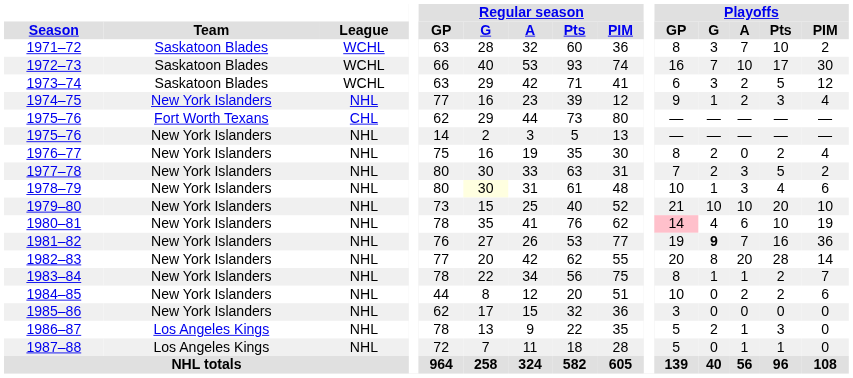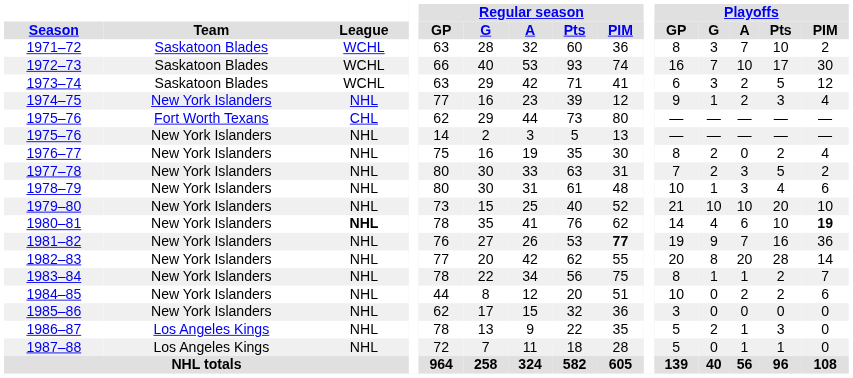 <table border="0" cellpadding="1" cellspacing="0" style="text-align:center; width:60em;">
 <tr style="background:#e0e0e0;">
 <th colspan="3"  bgcolor="#ffffff"> </th>
 <th rowspan="99" bgcolor="#ffffff"> </th>
 <th colspan="5"><a href='#'>Regular season</a></th>
 <th rowspan="99" bgcolor="#ffffff"> </th>
 <th colspan="5"><a href='#'>Playoffs</a></th>
 </tr>
 <tr style="background:#e0e0e0;">
 <th><a href='#'>Season</a></th>
 <th>Team</th>
 <th>League</th>
 <th>GP</th>
 <th><a href='#'>G</a></th>
 <th><a href='#'>A</a></th>
 <th><a href='#'>Pts</a></th>
 <th><a href='#'>PIM</a></th>
 <th>GP</th>
 <th>G</th>
 <th>A</th>
 <th>Pts</th>
 <th>PIM</th>
 </tr>
 <tr>
 <td><a href='#'>1971–72</a></td>
 <td><a href='#'>Saskatoon Blades</a></td>
 <td><a href='#'>WCHL</a></td>
 <td>63</td>
 <td>28</td>
 <td>32</td>
 <td>60</td>
 <td>36</td>
 <td>8</td>
 <td>3</td>
 <td>7</td>
 <td>10</td>
 <td>2</td>
 </tr>
 <tr style="background:#f0f0f0;">
 <td><a href='#'>1972–73</a></td>
 <td>Saskatoon Blades</td>
 <td>WCHL</td>
 <td>66</td>
 <td>40</td>
 <td>53</td>
 <td>93</td>
 <td>74</td>
 <td>16</td>
 <td>7</td>
 <td>10</td>
 <td>17</td>
 <td>30</td>
 </tr>
 <tr>
 <td><a href='#'>1973–74</a></td>
 <td>Saskatoon Blades</td>
 <td>WCHL</td>
 <td>63</td>
 <td>29</td>
 <td>42</td>
 <td>71</td>
 <td>41</td>
 <td>6</td>
 <td>3</td>
 <td>2</td>
 <td>5</td>
 <td>12</td>
 </tr>
 <tr style="background:#f0f0f0;">
 <td><a href='#'>1974–75</a></td>
 <td><a href='#'>New York Islanders</a></td>
 <td><a href='#'>NHL</a></td>
 <td>77</td>
 <td>16</td>
 <td>23</td>
 <td>39</td>
 <td>12</td>
 <td>9</td>
 <td>1</td>
 <td>2</td>
 <td>3</td>
 <td>4</td>
 </tr>
 <tr>
 <td><a href='#'>1975–76</a></td>
 <td><a href='#'>Fort Worth Texans</a></td>
 <td><a href='#'>CHL</a></td>
 <td>62</td>
 <td>29</td>
 <td>44</td>
 <td>73</td>
 <td>80</td>
 <td>—</td>
 <td>—</td>
 <td>—</td>
 <td>—</td>
 <td>—</td>
 </tr>
 <tr style="background:#f0f0f0;">
 <td><a href='#'>1975–76</a></td>
 <td>New York Islanders</td>
 <td>NHL</td>
 <td>14</td>
 <td>2</td>
 <td>3</td>
 <td>5</td>
 <td>13</td>
 <td>—</td>
 <td>—</td>
 <td>—</td>
 <td>—</td>
 <td>—</td>
 </tr>
 <tr>
 <td><a href='#'>1976–77</a></td>
 <td>New York Islanders</td>
 <td>NHL</td>
 <td>75</td>
 <td>16</td>
 <td>19</td>
 <td>35</td>
 <td>30</td>
 <td>8</td>
 <td>2</td>
 <td>0</td>
 <td>2</td>
 <td>4</td>
 </tr>
 <tr style="background:#f0f0f0;">
 <td><a href='#'>1977–78</a></td>
 <td>New York Islanders</td>
 <td>NHL</td>
 <td>80</td>
 <td>30</td>
 <td>33</td>
 <td>63</td>
 <td>31</td>
 <td>7</td>
 <td>2</td>
 <td>3</td>
 <td>5</td>
 <td>2</td>
 </tr>
 <tr>
 <td><a href='#'>1978–79</a></td>
 <td>New York Islanders</td>
 <td>NHL</td>
 <td>80</td>
-<td style="background: lightyellow;">30</td>
+<td>30</td>
 <td>31</td>
 <td>61</td>
 <td>48</td>
 <td>10</td>
 <td>1</td>
 <td>3</td>
 <td>4</td>
 <td>6</td>
 </tr>
 <tr style="background:#f0f0f0;">
 <td><a href='#'>1979–80</a></td>
 <td>New York Islanders</td>
 <td>NHL</td>
 <td>73</td>
 <td>15</td>
 <td>25</td>
 <td>40</td>
 <td>52</td>
 <td>21</td>
 <td>10</td>
 <td>10</td>
 <td>20</td>
 <td>10</td>
 </tr>
 <tr>
 <td><a href='#'>1980–81</a></td>
 <td>New York Islanders</td>
-<td>NHL</td>
+<td><strong>NHL</strong></td>
 <td>78</td>
 <td>35</td>
 <td>41</td>
 <td>76</td>
 <td>62</td>
-<td style="background: pink;">14</td>
+<td>14</td>
 <td>4</td>
 <td>6</td>
 <td>10</td>
-<td>19</td>
+<td><strong>19</strong></td>
 </tr>
 <tr style="background:#f0f0f0;">
 <td><a href='#'>1981–82</a></td>
 <td>New York Islanders</td>
 <td>NHL</td>
 <td>76</td>
 <td>27</td>
 <td>26</td>
 <td>53</td>
-<td>77</td>
+<td><strong>77</strong></td>
 <td>19</td>
-<td><strong>9</strong></td>
+<td>9</td>
 <td>7</td>
 <td>16</td>
 <td>36</td>
 </tr>
 <tr>
 <td><a href='#'>1982–83</a></td>
 <td>New York Islanders</td>
 <td>NHL</td>
 <td>77</td>
 <td>20</td>
 <td>42</td>
 <td>62</td>
 <td>55</td>
 <td>20</td>
 <td>8</td>
 <td>20</td>
 <td>28</td>
 <td>14</td>
 </tr>
 <tr style="background:#f0f0f0;">
 <td><a href='#'>1983–84</a></td>
 <td>New York Islanders</td>
 <td>NHL</td>
 <td>78</td>
 <td>22</td>
 <td>34</td>
 <td>56</td>
 <td>75</td>
 <td>8</td>
 <td>1</td>
 <td>1</td>
 <td>2</td>
 <td>7</td>
 </tr>
 <tr>
 <td><a href='#'>1984–85</a></td>
 <td>New York Islanders</td>
 <td>NHL</td>
 <td>44</td>
 <td>8</td>
 <td>12</td>
 <td>20</td>
 <td>51</td>
 <td>10</td>
 <td>0</td>
 <td>2</td>
 <td>2</td>
 <td>6</td>
 </tr>
 <tr style="background:#f0f0f0;">
 <td><a href='#'>1985–86</a></td>
 <td>New York Islanders</td>
 <td>NHL</td>
 <td>62</td>
 <td>17</td>
 <td>15</td>
 <td>32</td>
 <td>36</td>
 <td>3</td>
 <td>0</td>
 <td>0</td>
 <td>0</td>
 <td>0</td>
 </tr>
 <tr>
 <td><a href='#'>1986–87</a></td>
 <td><a href='#'>Los Angeles Kings</a></td>
 <td>NHL</td>
 <td>78</td>
 <td>13</td>
 <td>9</td>
 <td>22</td>
 <td>35</td>
 <td>5</td>
 <td>2</td>
 <td>1</td>
 <td>3</td>
 <td>0</td>
 </tr>
 <tr style="background:#f0f0f0;">
 <td><a href='#'>1987–88</a></td>
 <td>Los Angeles Kings</td>
 <td>NHL</td>
 <td>72</td>
 <td>7</td>
 <td>11</td>
 <td>18</td>
 <td>28</td>
 <td>5</td>
 <td>0</td>
 <td>1</td>
 <td>1</td>
 <td>0</td>
 </tr>
 <tr style="background:#e0e0e0;">
 <th colspan="3">NHL totals</th>
 <th>964</th>
 <th>258</th>
 <th>324</th>
 <th>582</th>
 <th>605</th>
 <th>139</th>
 <th>40</th>
 <th>56</th>
 <th>96</th>
 <th>108</th>
 </tr>
 </table>
